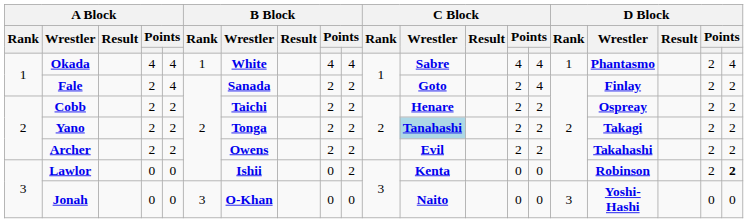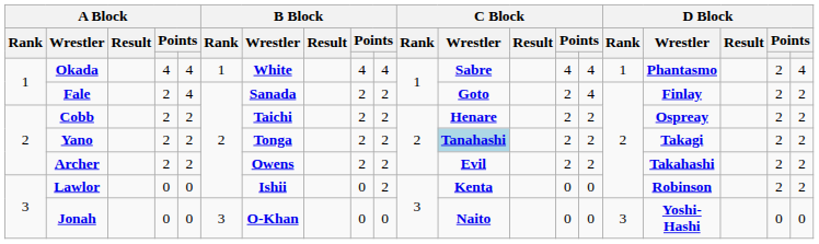 <table class="wikitable mw-collapsible mw-collapsed" style="text-align: center">
 <tr>
 <th colspan="5">A Block</th>
 <th colspan="5">B Block</th>
 <th colspan="5">C Block</th>
 <th colspan="5">D Block</th>
 </tr>
 <tr>
 <th rowspan="2">Rank</th>
 <th rowspan="2">Wrestler</th>
 <th rowspan="2">Result</th>
 <th colspan="2">Points</th>
 <th rowspan="2">Rank</th>
 <th rowspan="2">Wrestler</th>
 <th rowspan="2">Result</th>
 <th colspan="2">Points</th>
 <th rowspan="2">Rank</th>
 <th rowspan="2">Wrestler</th>
 <th rowspan="2">Result</th>
 <th colspan="2">Points</th>
 <th rowspan="2">Rank</th>
 <th rowspan="2">Wrestler</th>
 <th rowspan="2">Result</th>
 <th colspan="2">Points</th>
 </tr>
 <tr>
 <th></th>
 <th></th>
 <th></th>
 <th></th>
 <th></th>
 <th></th>
 <th></th>
 <th></th>
 </tr>
 <tr>
 <td rowspan="2">1</td>
 <td><strong><a href='#'>Okada</a></strong></td>
 <td></td>
 <td>4</td>
 <td>4</td>
 <td>1</td>
 <td><strong><a href='#'>White</a></strong></td>
 <td></td>
 <td>4</td>
 <td>4</td>
 <td rowspan="2">1</td>
 <td><strong><a href='#'>Sabre</a></strong></td>
 <td></td>
 <td>4</td>
 <td>4</td>
 <td>1</td>
 <td><strong><a href='#'>Phantasmo</a></strong></td>
 <td></td>
 <td>2</td>
 <td>4</td>
 </tr>
 <tr>
 <td><strong><a href='#'>Fale</a></strong></td>
 <td></td>
 <td>2</td>
 <td>4</td>
 <td rowspan="5">2</td>
 <td><a href='#'><strong>Sanada</strong></a></td>
 <td></td>
 <td>2</td>
 <td>2</td>
 <td><strong><a href='#'>Goto</a></strong></td>
 <td></td>
 <td>2</td>
 <td>4</td>
 <td rowspan="5">2</td>
 <td><strong><a href='#'>Finlay</a></strong></td>
 <td></td>
 <td>2</td>
 <td>2</td>
 </tr>
 <tr>
 <td rowspan="3">2</td>
 <td><strong><a href='#'>Cobb</a></strong></td>
 <td></td>
 <td>2</td>
 <td>2</td>
 <td><a href='#'><strong>Taichi</strong></a></td>
 <td></td>
 <td>2</td>
 <td>2</td>
 <td rowspan="3">2</td>
 <td><strong><a href='#'>Henare</a></strong></td>
 <td></td>
 <td>2</td>
 <td>2</td>
 <td><strong><a href='#'>Ospreay</a></strong></td>
 <td></td>
 <td>2</td>
 <td>2</td>
 </tr>
 <tr>
 <td><strong><a href='#'>Yano</a></strong></td>
 <td></td>
 <td>2</td>
 <td>2</td>
 <td><strong><a href='#'>Tonga</a></strong></td>
 <td></td>
 <td>2</td>
 <td>2</td>
 <td style="background: lightblue;"><strong><a href='#'>Tanahashi</a></strong></td>
 <td></td>
 <td>2</td>
 <td>2</td>
 <td><strong><a href='#'>Takagi</a></strong></td>
 <td></td>
 <td>2</td>
 <td>2</td>
 </tr>
 <tr>
 <td><strong><a href='#'>Archer</a></strong></td>
 <td></td>
 <td>2</td>
 <td>2</td>
 <td><strong><a href='#'>Owens</a></strong></td>
 <td></td>
 <td>2</td>
 <td>2</td>
 <td><a href='#'><strong>Evil</strong></a></td>
 <td></td>
 <td>2</td>
 <td>2</td>
 <td><strong><a href='#'>Takahashi</a></strong></td>
 <td></td>
 <td>2</td>
 <td>2</td>
 </tr>
 <tr>
 <td rowspan="2">3</td>
 <td><strong><a href='#'>Lawlor</a></strong></td>
 <td></td>
 <td>0</td>
 <td>0</td>
 <td><strong><a href='#'>Ishii</a></strong></td>
 <td></td>
 <td>0</td>
 <td>2</td>
 <td rowspan="2">3</td>
 <td><strong><a href='#'>Kenta</a></strong></td>
 <td></td>
 <td>0</td>
 <td>0</td>
 <td><strong><a href='#'>Robinson</a></strong></td>
 <td></td>
 <td>2</td>
-<td><strong>2</strong></td>
+<td>2</td>
 </tr>
 <tr>
 <td><strong><a href='#'>Jonah</a></strong></td>
 <td></td>
 <td>0</td>
 <td>0</td>
 <td rowspan="1">3</td>
 <td><a href='#'><strong>O-Khan</strong></a></td>
 <td></td>
 <td>0</td>
 <td>0</td>
 <td><strong><a href='#'>Naito</a></strong></td>
 <td></td>
 <td>0</td>
 <td>0</td>
 <td>3</td>
 <td><strong><a href='#'>Yoshi-Hashi</a></strong></td>
 <td></td>
 <td>0</td>
 <td>0</td>
 </tr>
 </table>
